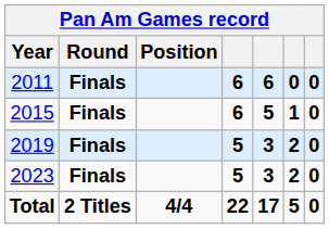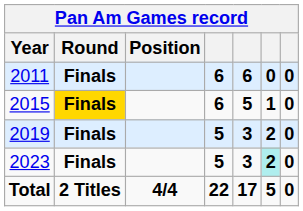 <table class="wikitable" style="text-align: center;">
 <tr>
 <th colspan=10><a href='#'>Pan Am Games record</a></th>
 </tr>
 <tr>
 <th>Year</th>
 <th>Round</th>
 <th>Position</th>
 <th></th>
 <th></th>
 <th></th>
 <th></th>
 </tr>
 <tr bgcolor=#ddeeff>
 <td> <a href='#'>2011</a></td>
 <td><strong>Finals</strong></td>
 <td></td>
 <td><strong>6</strong></td>
 <td><strong>6</strong></td>
 <td><strong>0</strong></td>
 <td><strong>0</strong></td>
 </tr>
 <tr>
 <td> <a href='#'>2015</a></td>
-<td><strong>Finals</strong></td>
+<td style="background: gold;"><strong>Finals</strong></td>
 <td></td>
 <td><strong>6</strong></td>
 <td><strong>5</strong></td>
 <td><strong>1</strong></td>
 <td><strong>0</strong></td>
 </tr>
 <tr bgcolor=#ddeeff>
 <td> <a href='#'>2019</a></td>
 <td><strong>Finals</strong></td>
 <td></td>
 <td><strong>5</strong></td>
 <td><strong>3</strong></td>
 <td><strong>2</strong></td>
 <td><strong>0</strong></td>
 </tr>
 <tr>
 <td> <a href='#'>2023</a></td>
 <td><strong>Finals</strong></td>
 <td></td>
 <td><strong>5</strong></td>
 <td><strong>3</strong></td>
-<td><strong>2</strong></td>
+<td style="background: paleturquoise;"><strong>2</strong></td>
 <td><strong>0</strong></td>
 </tr>
 <tr>
 <td colspan=1><strong>Total</strong></td>
 <td><strong>2 Titles</strong></td>
 <td><strong>4/4</strong></td>
 <td><strong>22</strong></td>
 <td><strong>17</strong></td>
 <td><strong>5</strong></td>
 <td><strong>0</strong></td>
 </tr>
 </table>
